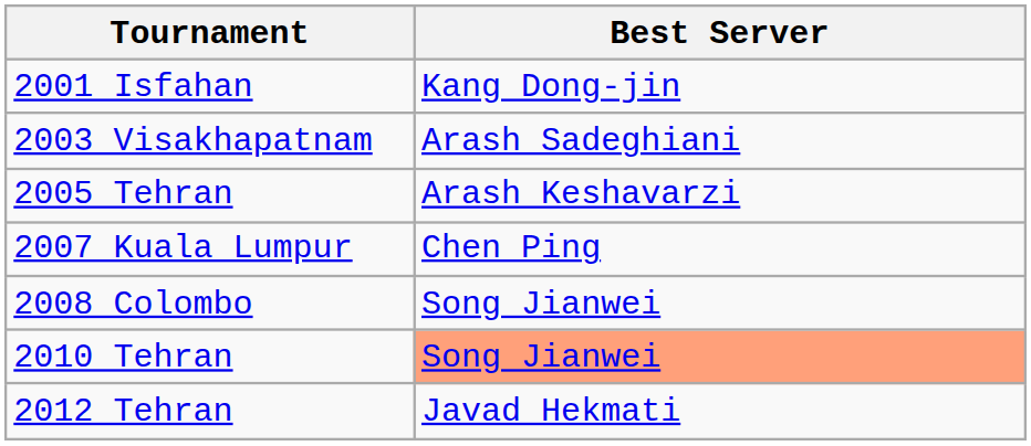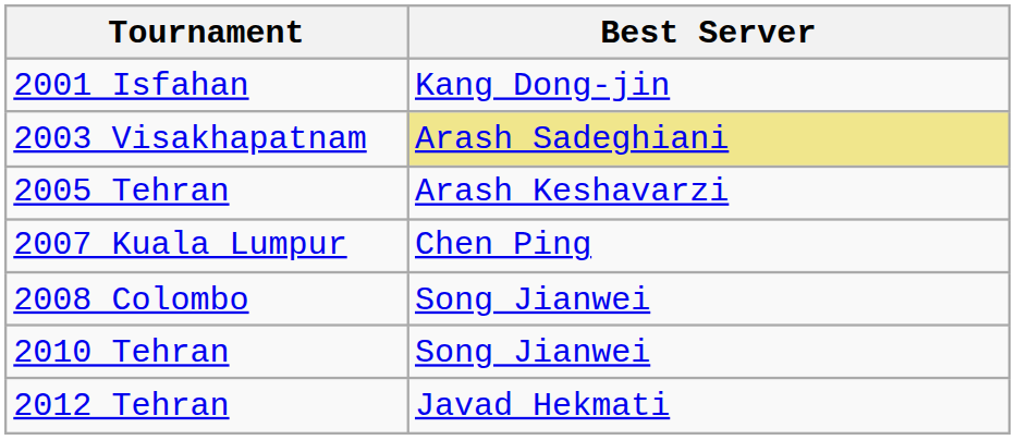 <table class=wikitable style="width: 400px;">
 <tr>
 <th style="width: 40%;">Tournament</th>
 <th style="width: 60%;">Best Server</th>
 </tr>
 <tr>
 <td><a href='#'>2001 Isfahan</a></td>
 <td> <a href='#'>Kang Dong-jin</a></td>
 </tr>
 <tr>
 <td><a href='#'>2003 Visakhapatnam</a></td>
-<td> <a href='#'>Arash Sadeghiani</a></td>
+<td style="background: khaki;"> <a href='#'>Arash Sadeghiani</a></td>
 </tr>
 <tr>
 <td><a href='#'>2005 Tehran</a></td>
 <td> <a href='#'>Arash Keshavarzi</a></td>
 </tr>
 <tr>
 <td><a href='#'>2007 Kuala Lumpur</a></td>
 <td> <a href='#'>Chen Ping</a></td>
 </tr>
 <tr>
 <td><a href='#'>2008 Colombo</a></td>
 <td> <a href='#'>Song Jianwei</a></td>
 </tr>
 <tr>
 <td><a href='#'>2010 Tehran</a></td>
-<td style="background: lightsalmon;"> <a href='#'>Song Jianwei</a></td>
+<td> <a href='#'>Song Jianwei</a></td>
 </tr>
 <tr>
 <td><a href='#'>2012 Tehran</a></td>
 <td> <a href='#'>Javad Hekmati</a></td>
 </tr>
 </table>
